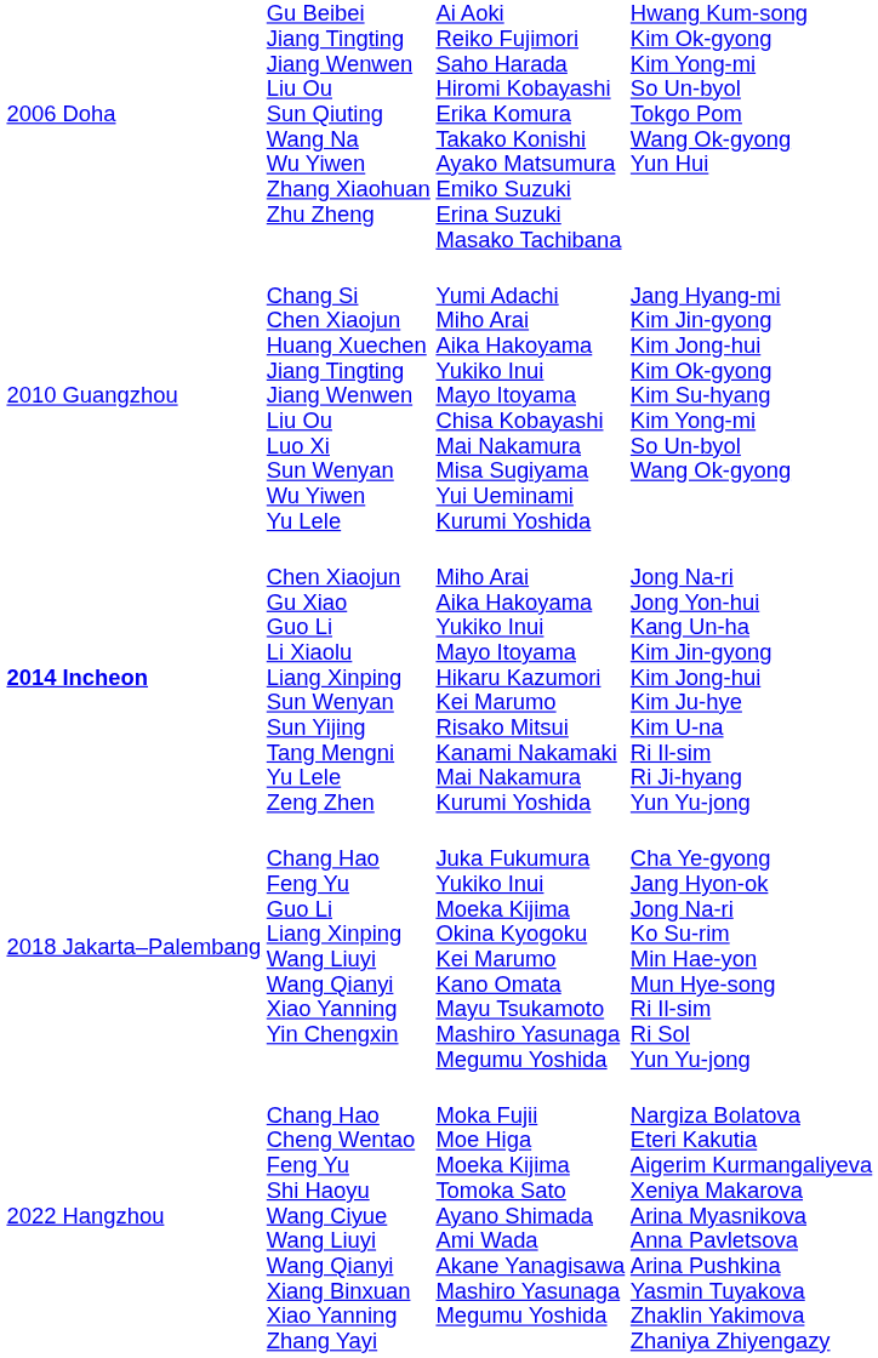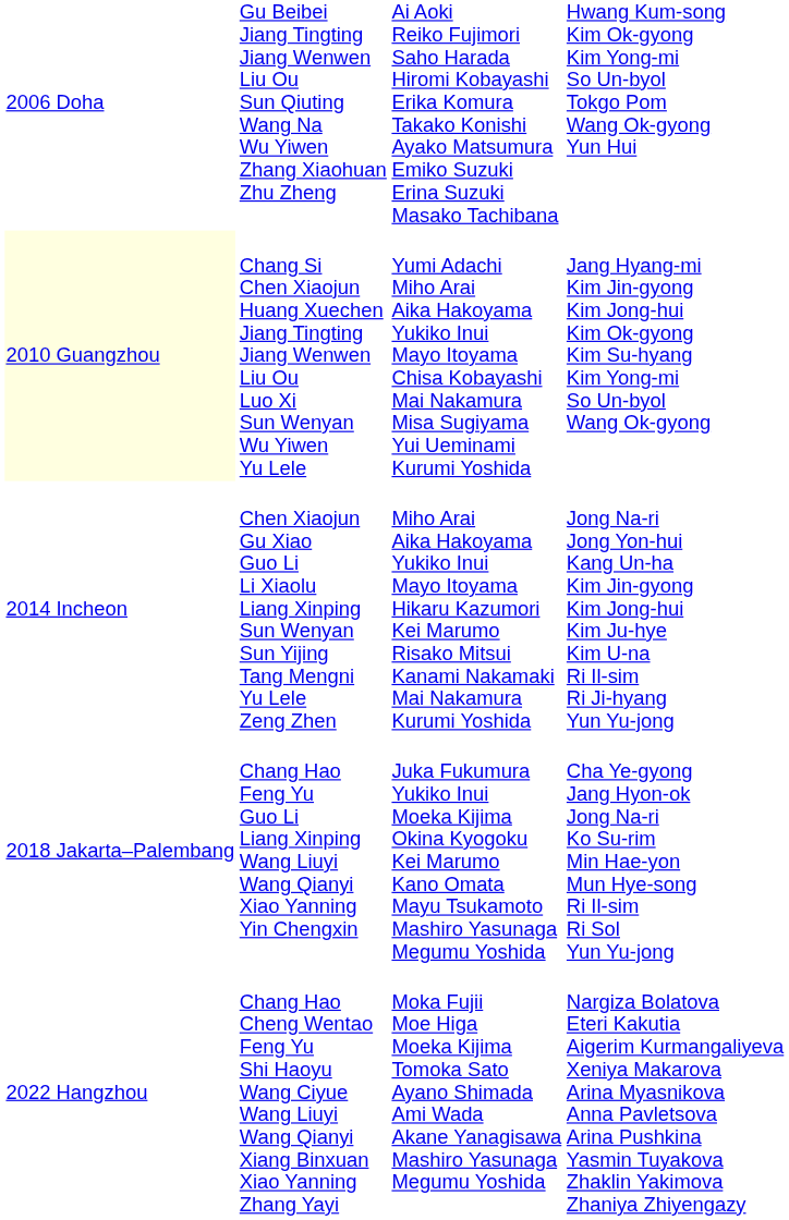 <table>
 <tr>
 <td><a href='#'>2006 Doha</a></td>
 <td valign=top><br><a href='#'>Gu Beibei</a><br><a href='#'>Jiang Tingting</a><br><a href='#'>Jiang Wenwen</a><br><a href='#'>Liu Ou</a><br><a href='#'>Sun Qiuting</a><br><a href='#'>Wang Na</a><br><a href='#'>Wu Yiwen</a><br><a href='#'>Zhang Xiaohuan</a><br><a href='#'>Zhu Zheng</a></td>
 <td><br><a href='#'>Ai Aoki</a><br><a href='#'>Reiko Fujimori</a><br><a href='#'>Saho Harada</a><br><a href='#'>Hiromi Kobayashi</a><br><a href='#'>Erika Komura</a><br><a href='#'>Takako Konishi</a><br><a href='#'>Ayako Matsumura</a><br><a href='#'>Emiko Suzuki</a><br><a href='#'>Erina Suzuki</a><br><a href='#'>Masako Tachibana</a></td>
 <td valign=top><br><a href='#'>Hwang Kum-song</a><br><a href='#'>Kim Ok-gyong</a><br><a href='#'>Kim Yong-mi</a><br><a href='#'>So Un-byol</a><br><a href='#'>Tokgo Pom</a><br><a href='#'>Wang Ok-gyong</a><br><a href='#'>Yun Hui</a></td>
 </tr>
 <tr>
-<td><a href='#'>2010 Guangzhou</a></td>
+<td style="background: lightyellow;"><a href='#'>2010 Guangzhou</a></td>
 <td><br><a href='#'>Chang Si</a><br><a href='#'>Chen Xiaojun</a><br><a href='#'>Huang Xuechen</a><br><a href='#'>Jiang Tingting</a><br><a href='#'>Jiang Wenwen</a><br><a href='#'>Liu Ou</a><br><a href='#'>Luo Xi</a><br><a href='#'>Sun Wenyan</a><br><a href='#'>Wu Yiwen</a><br><a href='#'>Yu Lele</a></td>
 <td><br><a href='#'>Yumi Adachi</a><br><a href='#'>Miho Arai</a><br><a href='#'>Aika Hakoyama</a><br><a href='#'>Yukiko Inui</a><br><a href='#'>Mayo Itoyama</a><br><a href='#'>Chisa Kobayashi</a><br><a href='#'>Mai Nakamura</a><br><a href='#'>Misa Sugiyama</a><br><a href='#'>Yui Ueminami</a><br><a href='#'>Kurumi Yoshida</a></td>
 <td valign=top><br><a href='#'>Jang Hyang-mi</a><br><a href='#'>Kim Jin-gyong</a><br><a href='#'>Kim Jong-hui</a><br><a href='#'>Kim Ok-gyong</a><br><a href='#'>Kim Su-hyang</a><br><a href='#'>Kim Yong-mi</a><br><a href='#'>So Un-byol</a><br><a href='#'>Wang Ok-gyong</a></td>
 </tr>
 <tr>
-<td><strong><a href='#'>2014 Incheon</a></strong></td>
+<td><a href='#'>2014 Incheon</a></td>
 <td><br><a href='#'>Chen Xiaojun</a><br><a href='#'>Gu Xiao</a><br><a href='#'>Guo Li</a><br><a href='#'>Li Xiaolu</a><br><a href='#'>Liang Xinping</a><br><a href='#'>Sun Wenyan</a><br><a href='#'>Sun Yijing</a><br><a href='#'>Tang Mengni</a><br><a href='#'>Yu Lele</a><br><a href='#'>Zeng Zhen</a></td>
 <td><br><a href='#'>Miho Arai</a><br><a href='#'>Aika Hakoyama</a><br><a href='#'>Yukiko Inui</a><br><a href='#'>Mayo Itoyama</a><br><a href='#'>Hikaru Kazumori</a><br><a href='#'>Kei Marumo</a><br><a href='#'>Risako Mitsui</a><br><a href='#'>Kanami Nakamaki</a><br><a href='#'>Mai Nakamura</a><br><a href='#'>Kurumi Yoshida</a></td>
 <td><br><a href='#'>Jong Na-ri</a><br><a href='#'>Jong Yon-hui</a><br><a href='#'>Kang Un-ha</a><br><a href='#'>Kim Jin-gyong</a><br><a href='#'>Kim Jong-hui</a><br><a href='#'>Kim Ju-hye</a><br><a href='#'>Kim U-na</a><br><a href='#'>Ri Il-sim</a><br><a href='#'>Ri Ji-hyang</a><br><a href='#'>Yun Yu-jong</a></td>
 </tr>
 <tr>
 <td><a href='#'>2018 Jakarta–Palembang</a></td>
 <td valign=top><br><a href='#'>Chang Hao</a><br><a href='#'>Feng Yu</a><br><a href='#'>Guo Li</a><br><a href='#'>Liang Xinping</a><br><a href='#'>Wang Liuyi</a><br><a href='#'>Wang Qianyi</a><br><a href='#'>Xiao Yanning</a><br><a href='#'>Yin Chengxin</a></td>
 <td><br><a href='#'>Juka Fukumura</a><br><a href='#'>Yukiko Inui</a><br><a href='#'>Moeka Kijima</a><br><a href='#'>Okina Kyogoku</a><br><a href='#'>Kei Marumo</a><br><a href='#'>Kano Omata</a><br><a href='#'>Mayu Tsukamoto</a><br><a href='#'>Mashiro Yasunaga</a><br><a href='#'>Megumu Yoshida</a></td>
 <td><br><a href='#'>Cha Ye-gyong</a><br><a href='#'>Jang Hyon-ok</a><br><a href='#'>Jong Na-ri</a><br><a href='#'>Ko Su-rim</a><br><a href='#'>Min Hae-yon</a><br><a href='#'>Mun Hye-song</a><br><a href='#'>Ri Il-sim</a><br><a href='#'>Ri Sol</a><br><a href='#'>Yun Yu-jong</a></td>
 </tr>
 <tr>
 <td><a href='#'>2022 Hangzhou</a></td>
 <td><br><a href='#'>Chang Hao</a><br><a href='#'>Cheng Wentao</a><br><a href='#'>Feng Yu</a><br><a href='#'>Shi Haoyu</a><br><a href='#'>Wang Ciyue</a><br><a href='#'>Wang Liuyi</a><br><a href='#'>Wang Qianyi</a><br><a href='#'>Xiang Binxuan</a><br><a href='#'>Xiao Yanning</a><br><a href='#'>Zhang Yayi</a></td>
 <td valign=top><br><a href='#'>Moka Fujii</a><br><a href='#'>Moe Higa</a><br><a href='#'>Moeka Kijima</a><br><a href='#'>Tomoka Sato</a><br><a href='#'>Ayano Shimada</a> <br><a href='#'>Ami Wada</a><br><a href='#'>Akane Yanagisawa</a><br><a href='#'>Mashiro Yasunaga</a><br><a href='#'>Megumu Yoshida</a></td>
 <td><br><a href='#'>Nargiza Bolatova</a><br><a href='#'>Eteri Kakutia</a><br><a href='#'>Aigerim Kurmangaliyeva</a><br><a href='#'>Xeniya Makarova</a><br><a href='#'>Arina Myasnikova</a><br><a href='#'>Anna Pavletsova</a><br><a href='#'>Arina Pushkina</a><br><a href='#'>Yasmin Tuyakova</a><br><a href='#'>Zhaklin Yakimova</a><br><a href='#'>Zhaniya Zhiyengazy</a></td>
 </tr>
 </table>
